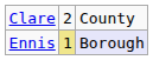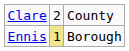 <table class="wikitable sortable">
 <tr>
 <td><a href='#'>Clare</a></td>
 <td align="center">2</td>
 <td>County</td>
 </tr>
 <tr>
 <td><a href='#'>Ennis</a></td>
 <td align="center" style="background: khaki;">1</td>
-<td style="background: lavender;">Borough</td>
+<td>Borough</td>
 </tr>
 </table>
